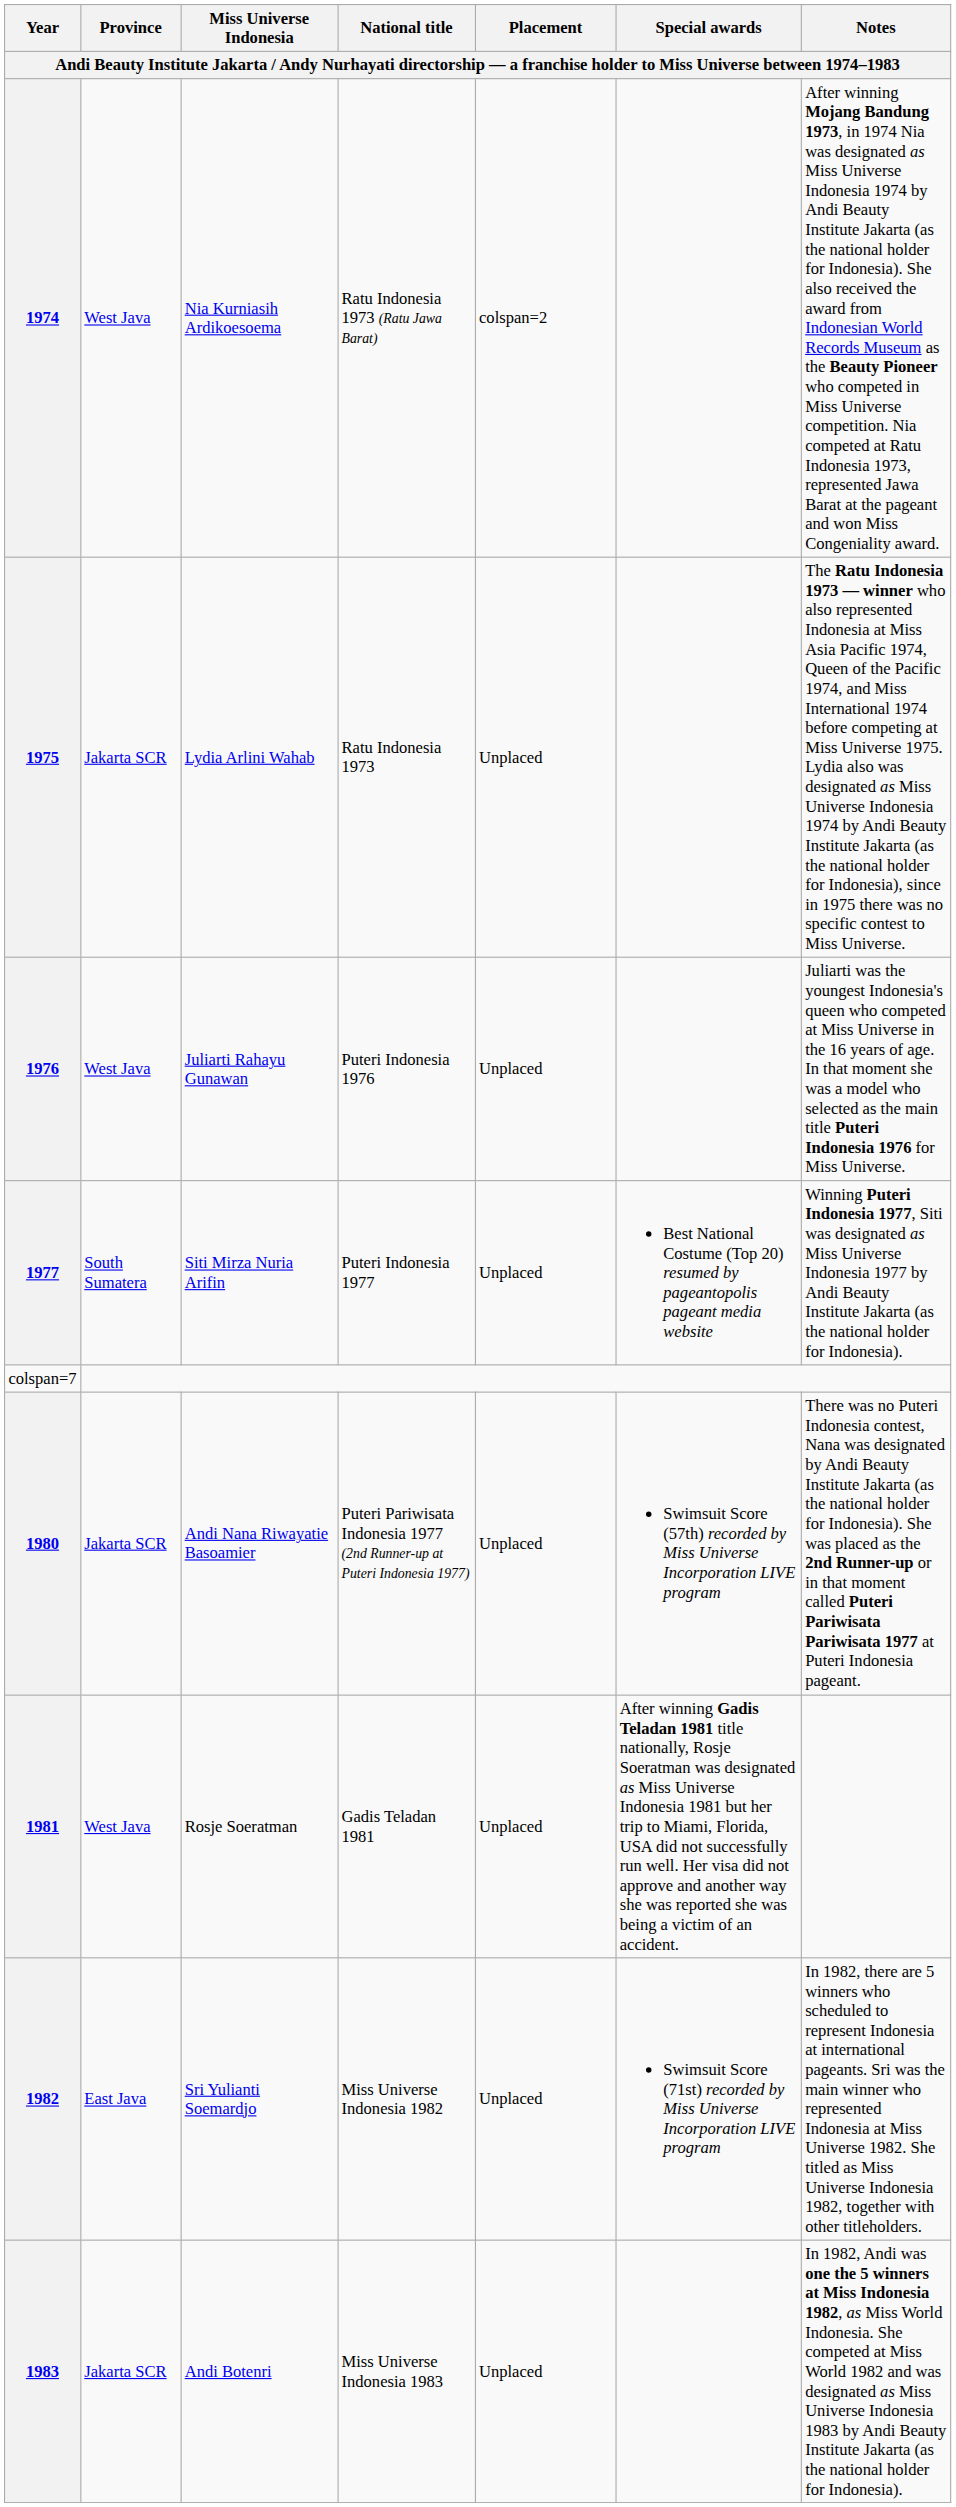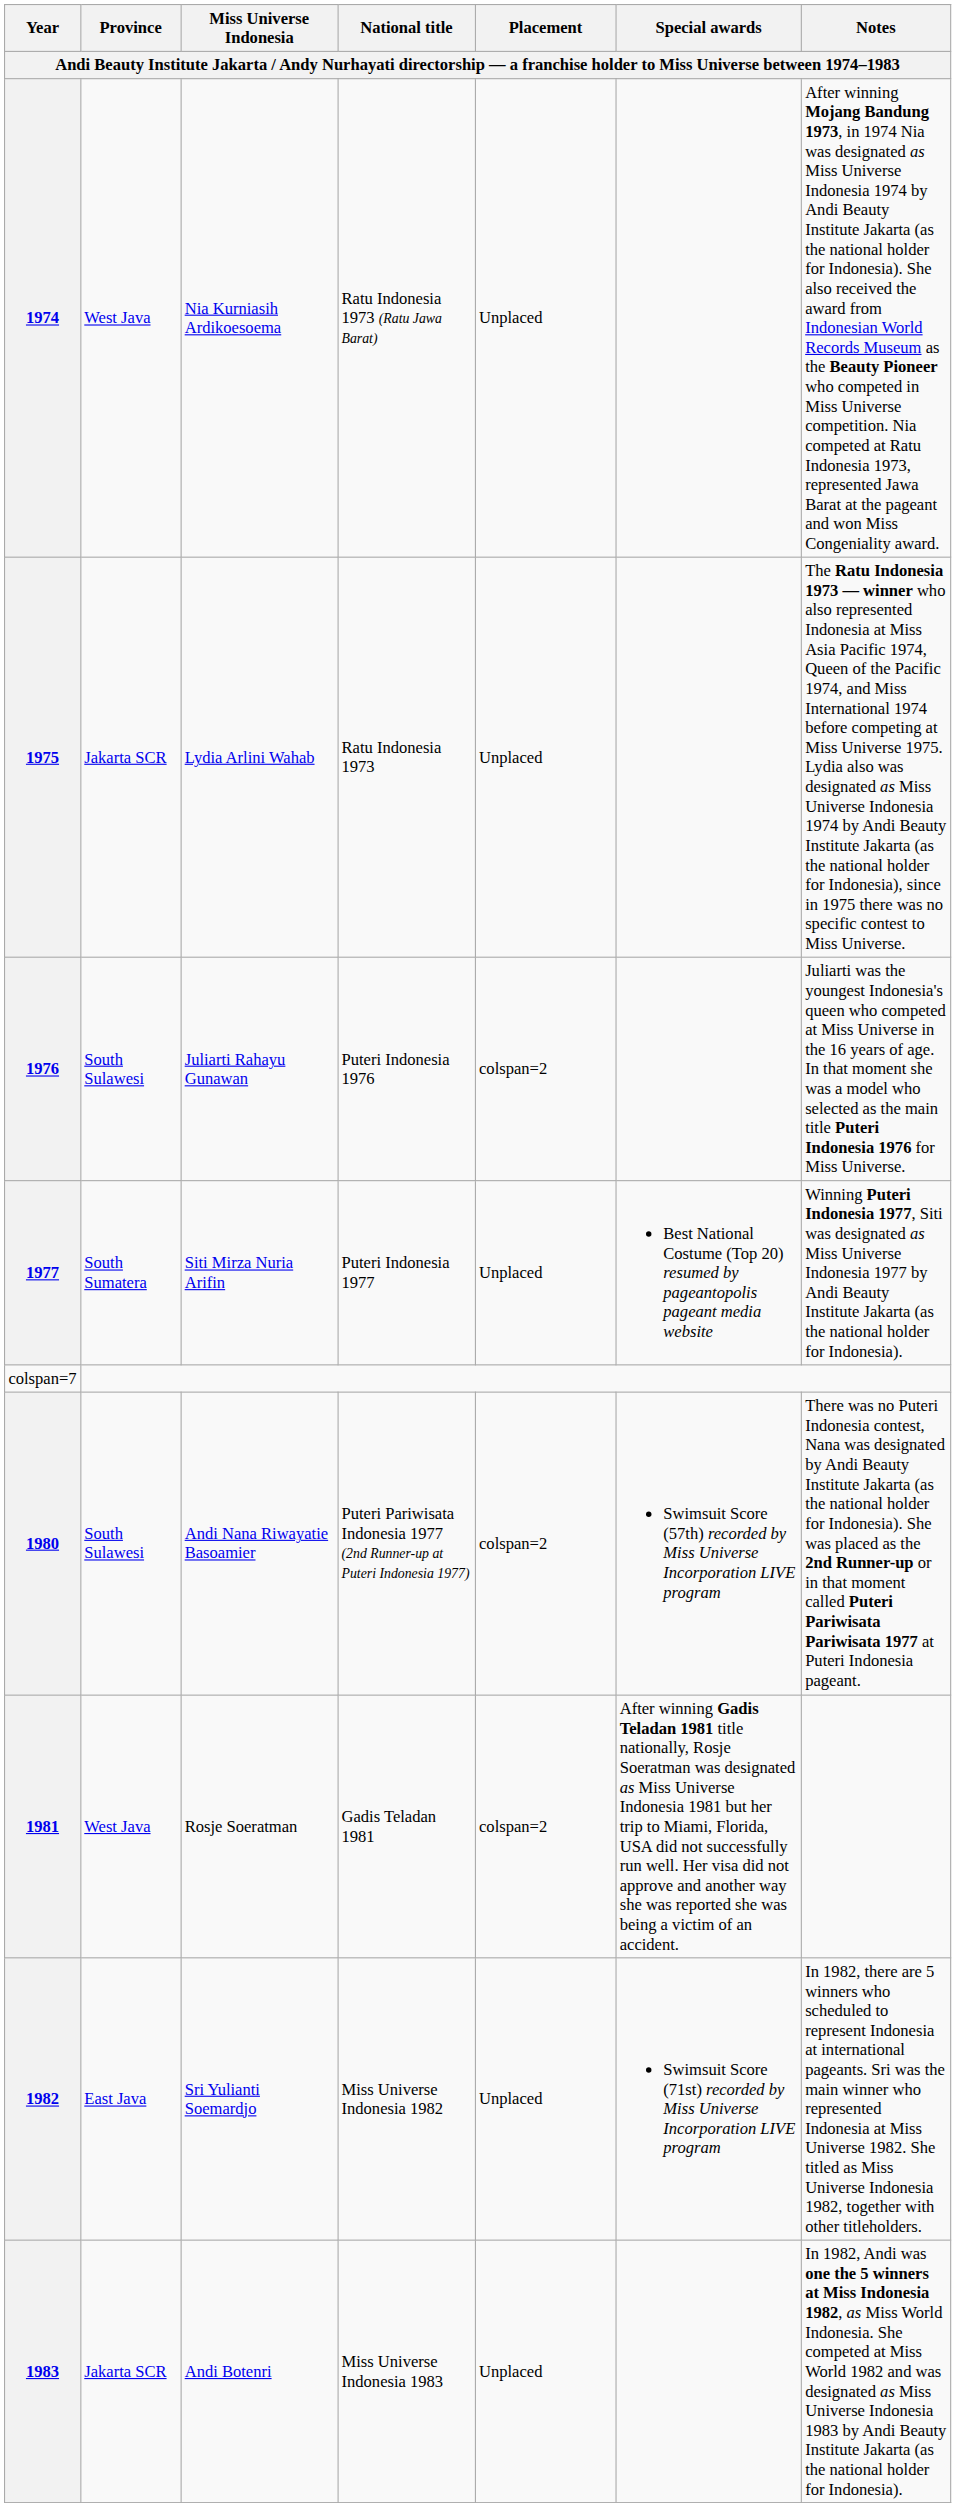 <table class="wikitable " style="font-size: 95%;">
 <tr>
 <th width="60">Year</th>
 <th width="150">Province</th>
 <th width="250">Miss Universe Indonesia</th>
 <th width="250">National title</th>
 <th width="250">Placement</th>
 <th width="250">Special awards</th>
 <th width="250">Notes</th>
 </tr>
 <tr>
 <th colspan="7">Andi Beauty Institute Jakarta / Andy Nurhayati directorship — a franchise holder to Miss Universe between 1974–1983</th>
 </tr>
 <tr>
 <th><a href='#'>1974</a></th>
 <td><a href='#'>West Java</a></td>
 <td><a href='#'>Nia Kurniasih Ardikoesoema</a></td>
 <td>Ratu Indonesia 1973 <small><em>(Ratu Jawa Barat)</em></small></td>
-<td>colspan=2 </td>
+<td>Unplaced</td>
 <td></td>
 <td>After winning <strong>Mojang Bandung 1973</strong>, in 1974 Nia was designated <em>as</em> Miss Universe Indonesia 1974 by Andi Beauty Institute Jakarta (as the national holder for Indonesia). She also received the award from <a href='#'>Indonesian World Records Museum</a> as the <strong>Beauty Pioneer</strong> who competed in Miss Universe competition. Nia competed at Ratu Indonesia 1973, represented Jawa Barat at the pageant and won Miss Congeniality award.</td>
 </tr>
 <tr>
 <th><a href='#'>1975</a></th>
 <td><a href='#'>Jakarta SCR</a></td>
 <td><a href='#'>Lydia Arlini Wahab</a></td>
 <td>Ratu Indonesia 1973</td>
 <td>Unplaced</td>
 <td></td>
 <td>The <strong>Ratu Indonesia 1973 — winner</strong> who also represented Indonesia at Miss Asia Pacific 1974, Queen of the Pacific 1974, and Miss International 1974 before competing at Miss Universe 1975. Lydia also was designated <em>as</em> Miss Universe Indonesia 1974 by Andi Beauty Institute Jakarta (as the national holder for Indonesia), since in 1975 there was no specific contest to Miss Universe.</td>
 </tr>
 <tr>
 <th><a href='#'>1976</a></th>
-<td><a href='#'>West Java</a></td>
+<td><a href='#'>South Sulawesi</a></td>
 <td><a href='#'>Juliarti Rahayu Gunawan</a></td>
 <td>Puteri Indonesia 1976</td>
-<td>Unplaced</td>
+<td>colspan=2 </td>
 <td></td>
 <td>Juliarti was the youngest Indonesia's queen who competed at Miss Universe in the 16 years of age. In that moment she was a model who selected as the main title <strong>Puteri Indonesia 1976</strong> for Miss Universe.</td>
 </tr>
 <tr>
 <th><a href='#'>1977</a></th>
 <td><a href='#'>South Sumatera</a></td>
 <td><a href='#'>Siti Mirza Nuria Arifin</a></td>
 <td>Puteri Indonesia 1977</td>
 <td>Unplaced</td>
 <td><br><ul><li>Best National Costume (Top 20) <em>resumed by pageantopolis pageant media website</em></li></ul></td>
 <td>Winning <strong>Puteri Indonesia 1977</strong>, Siti was designated <em>as</em> Miss Universe Indonesia 1977 by Andi Beauty Institute Jakarta (as the national holder for Indonesia).</td>
 </tr>
 <tr>
 <td>colspan=7 </td>
 </tr>
 <tr>
 <th><a href='#'>1980</a></th>
-<td><a href='#'>Jakarta SCR</a></td>
+<td><a href='#'>South Sulawesi</a></td>
 <td><a href='#'>Andi Nana Riwayatie Basoamier</a></td>
 <td>Puteri Pariwisata Indonesia 1977 <small><em>(2nd Runner-up at Puteri Indonesia 1977)</em></small></td>
-<td>Unplaced</td>
+<td>colspan=2 </td>
 <td><br><ul><li>Swimsuit Score (57th) <em>recorded by Miss Universe Incorporation LIVE program</em></li></ul></td>
 <td>There was no Puteri Indonesia contest, Nana was designated by Andi Beauty Institute Jakarta (as the national holder for Indonesia). She was placed as the <strong>2nd Runner-up</strong> or in that moment called <strong>Puteri Pariwisata Pariwisata 1977</strong> at Puteri Indonesia pageant.</td>
 </tr>
 <tr>
 <th><a href='#'>1981</a></th>
 <td><a href='#'>West Java</a></td>
 <td>Rosje Soeratman</td>
 <td>Gadis Teladan 1981</td>
-<td>Unplaced</td>
+<td>colspan=2 </td>
 <td>After winning <strong>Gadis Teladan 1981</strong> title nationally, Rosje Soeratman was designated <em>as</em> Miss Universe Indonesia 1981 but her trip to Miami, Florida, USA did not successfully run well. Her visa did not approve and another way she was reported she was being a victim of an accident.</td>
 </tr>
 <tr>
 <th><a href='#'>1982</a></th>
 <td><a href='#'>East Java</a></td>
 <td><a href='#'>Sri Yulianti Soemardjo</a></td>
 <td>Miss Universe Indonesia 1982</td>
 <td>Unplaced</td>
 <td><br><ul><li>Swimsuit Score (71st) <em>recorded by Miss Universe Incorporation LIVE program</em></li></ul></td>
 <td>In 1982, there are 5 winners who scheduled to represent Indonesia at international pageants. Sri was the main winner who represented Indonesia at Miss Universe 1982. She titled as Miss Universe Indonesia 1982, together with other titleholders.</td>
 </tr>
 <tr>
 <th><a href='#'>1983</a></th>
 <td><a href='#'>Jakarta SCR</a></td>
 <td><a href='#'>Andi Botenri</a></td>
 <td>Miss Universe Indonesia 1983</td>
 <td>Unplaced</td>
 <td></td>
 <td>In 1982, Andi was <strong>one the 5 winners at Miss Indonesia 1982</strong>, <em>as</em> Miss World Indonesia. She competed at Miss World 1982 and was designated <em>as</em> Miss Universe Indonesia 1983 by Andi Beauty Institute Jakarta (as the national holder for Indonesia).</td>
 </tr>
 <tr>
 </tr>
 </table>
